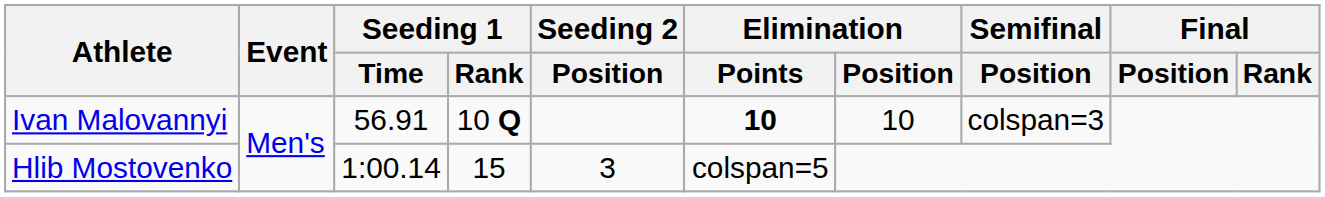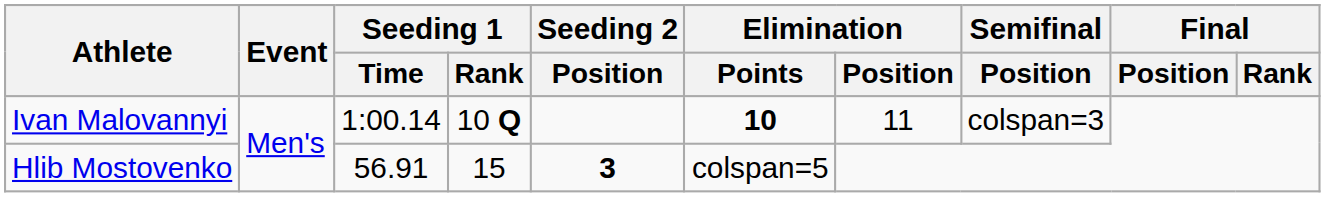 <table class=wikitable style=font-size:90%;text-align:center>
 <tr>
 <th rowspan=2>Athlete</th>
 <th rowspan=2>Event</th>
 <th colspan=2>Seeding 1</th>
 <th>Seeding 2</th>
 <th colspan=2>Elimination</th>
 <th>Semifinal</th>
 <th colspan=2>Final</th>
 </tr>
 <tr style=font-size:95%>
 <th>Time</th>
 <th>Rank</th>
 <th>Position</th>
 <th>Points</th>
 <th>Position</th>
 <th>Position</th>
 <th>Position</th>
 <th>Rank</th>
 </tr>
 <tr>
 <td align=left><a href='#'>Ivan Malovannyi</a></td>
 <td align=left rowspan=2><a href='#'>Men's</a></td>
-<td>56.91</td>
+<td>1:00.14</td>
 <td>10 <strong>Q</strong></td>
 <td></td>
 <td><strong>10</strong></td>
-<td>10</td>
+<td>11</td>
 <td>colspan=3 </td>
 </tr>
 <tr>
 <td align=left><a href='#'>Hlib Mostovenko</a></td>
-<td>1:00.14</td>
+<td>56.91</td>
 <td>15</td>
-<td>3</td>
+<td><strong>3</strong></td>
 <td>colspan=5 </td>
 </tr>
 </table>
